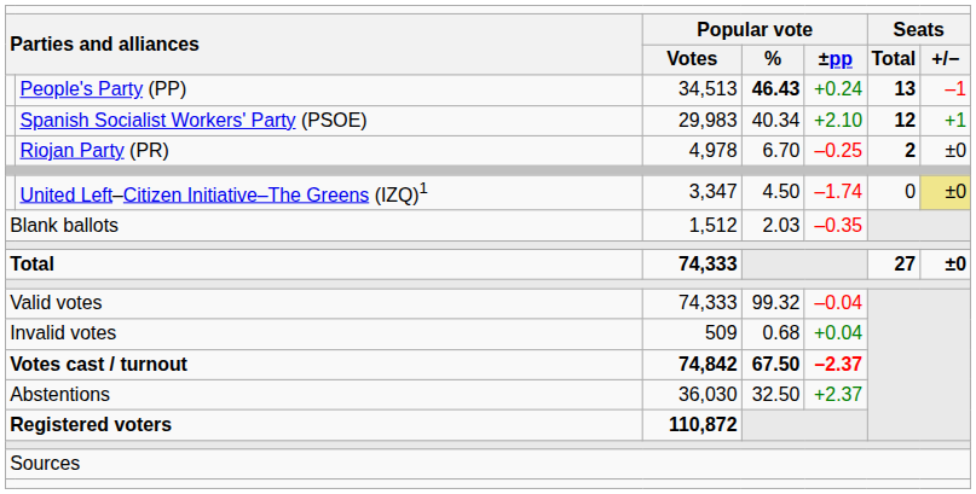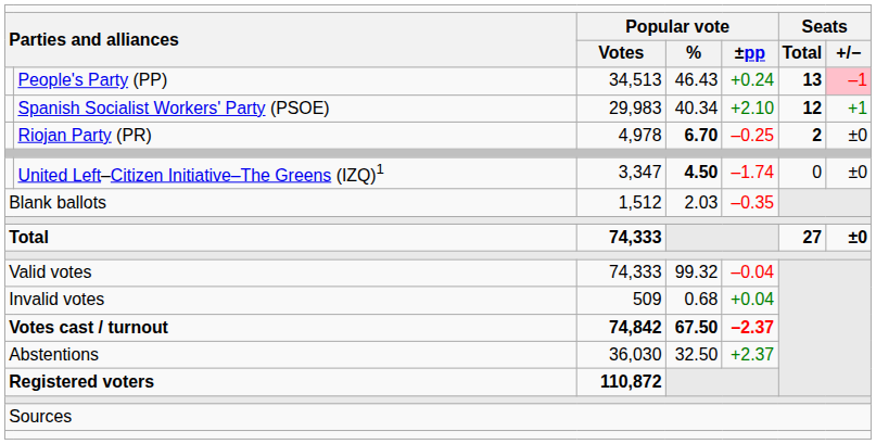 <table class="wikitable" style="text-align:right;">
 <tr>
 <td colspan="7"></td>
 </tr>
 <tr>
 <th style="text-align:left;" rowspan="2" colspan="2" width="525">Parties and alliances</th>
 <th colspan="3">Popular vote</th>
 <th colspan="2">Seats</th>
 </tr>
 <tr>
 <th width="75">Votes</th>
 <th width="45">%</th>
 <th width="45">±<a href='#'>pp</a></th>
 <th width="35">Total</th>
 <th width="35">+/−</th>
 </tr>
 <tr>
 <td width="1" style="color:inherit;background:"></td>
 <td align="left"><a href='#'>People's Party</a> (PP)</td>
 <td>34,513</td>
-<td><strong>46.43</strong></td>
+<td>46.43</td>
 <td style="color:green;">+0.24</td>
 <td><strong>13</strong></td>
-<td style="color:red;">–1</td>
+<td style="background: pink; color:red;">–1</td>
 </tr>
 <tr>
 <td style="color:inherit;background:"></td>
 <td align="left"><a href='#'>Spanish Socialist Workers' Party</a> (PSOE)</td>
 <td>29,983</td>
 <td>40.34</td>
 <td style="color:green;">+2.10</td>
 <td><strong>12</strong></td>
 <td style="color:green;">+1</td>
 </tr>
 <tr>
 <td style="color:inherit;background:"></td>
 <td align="left"><a href='#'>Riojan Party</a> (PR)</td>
 <td>4,978</td>
-<td>6.70</td>
+<td><strong>6.70</strong></td>
 <td style="color:red;">–0.25</td>
 <td><strong>2</strong></td>
 <td>±0</td>
 </tr>
 <tr>
 <td colspan="7" bgcolor="#C0C0C0"></td>
 </tr>
 <tr>
 <td style="color:inherit;background:"></td>
 <td align="left"><a href='#'>United Left</a>–<a href='#'>Citizen Initiative–The Greens</a> (IZQ)<sup>1</sup></td>
 <td>3,347</td>
-<td>4.50</td>
+<td><strong>4.50</strong></td>
 <td style="color:red;">–1.74</td>
 <td>0</td>
-<td style="background: khaki;">±0</td>
+<td>±0</td>
 </tr>
 <tr>
 <td align="left" colspan="2">Blank ballots</td>
 <td>1,512</td>
 <td>2.03</td>
 <td style="color:red;">–0.35</td>
 <td bgcolor="#E9E9E9" colspan="2"></td>
 </tr>
 <tr>
 <td colspan="7" bgcolor="#E9E9E9"></td>
 </tr>
 <tr style="font-weight:bold;">
 <td align="left" colspan="2">Total</td>
 <td>74,333</td>
 <td bgcolor="#E9E9E9" colspan="2"></td>
 <td>27</td>
 <td>±0</td>
 </tr>
 <tr>
 <td colspan="7" bgcolor="#E9E9E9"></td>
 </tr>
 <tr>
 <td align="left" colspan="2">Valid votes</td>
 <td>74,333</td>
 <td>99.32</td>
 <td style="color:red;">–0.04</td>
 <td bgcolor="#E9E9E9" colspan="2" rowspan="5"></td>
 </tr>
 <tr>
 <td align="left" colspan="2">Invalid votes</td>
 <td>509</td>
 <td>0.68</td>
 <td style="color:green;">+0.04</td>
 </tr>
 <tr style="font-weight:bold;">
 <td align="left" colspan="2">Votes cast / turnout</td>
 <td>74,842</td>
 <td>67.50</td>
 <td style="color:red;">–2.37</td>
 </tr>
 <tr>
 <td align="left" colspan="2">Abstentions</td>
 <td>36,030</td>
 <td>32.50</td>
 <td style="color:green;">+2.37</td>
 </tr>
 <tr style="font-weight:bold;">
 <td align="left" colspan="2">Registered voters</td>
 <td>110,872</td>
 <td bgcolor="#E9E9E9" colspan="2"></td>
 </tr>
 <tr>
 <td colspan="7" bgcolor="#E9E9E9"></td>
 </tr>
 <tr>
 <td align="left" colspan="7">Sources</td>
 </tr>
 <tr>
 <td colspan="7" style="text-align:left; max-width:790px;"></td>
 </tr>
 </table>
